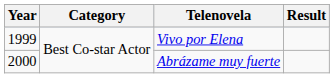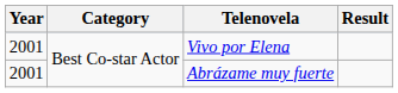 <table class="wikitable">
 <tr style="background:#b0c4de;">
 <th>Year</th>
 <th>Category</th>
 <th>Telenovela</th>
 <th>Result</th>
 </tr>
 <tr>
-<td>1999</td>
+<td>2001</td>
 <td rowspan=2>Best Co-star Actor</td>
 <td><em><a href='#'>Vivo por Elena</a></em></td>
 <td></td>
 </tr>
 <tr>
-<td>2000</td>
+<td>2001</td>
 <td><em><a href='#'>Abrázame muy fuerte</a></em></td>
 <td></td>
 </tr>
 </table>
